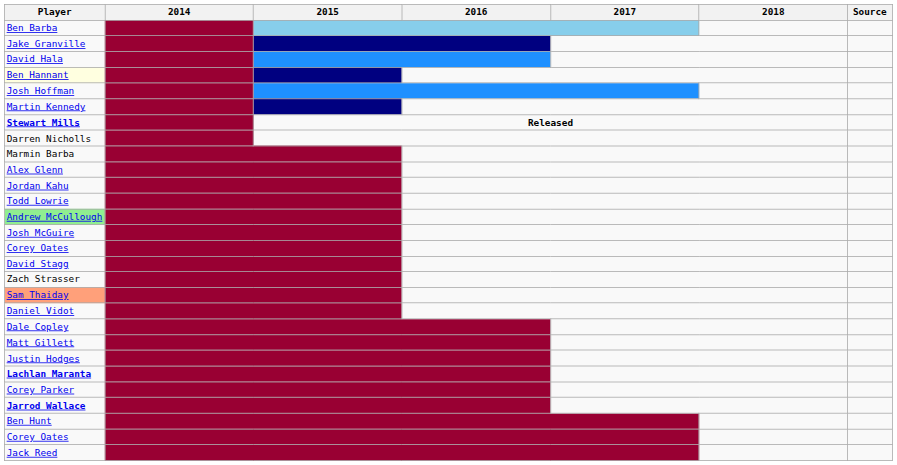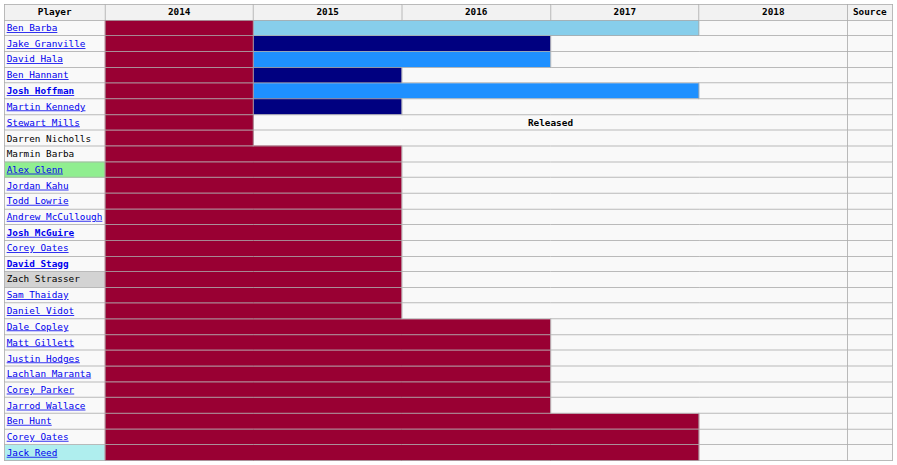 <table class="wikitable" style="font-size:90%">
 <tr>
 <th width="120">Player</th>
 <th width="180">2014</th>
 <th width="180">2015</th>
 <th width="180">2016</th>
 <th width="180">2017</th>
 <th width="180">2018</th>
 <th width="50">Source</th>
 </tr>
 <tr>
 <td><a href='#'>Ben Barba</a></td>
 <td colspan="1" style="background-color:#990033;"></td>
 <td colspan="3" style="background-color:skyblue;"></td>
 <td colspan="1"></td>
 <td></td>
 </tr>
 <tr>
 <td><a href='#'>Jake Granville</a></td>
 <td colspan="1" style="background-color:#990033;"></td>
 <td colspan="2" style="background-color:navy;"></td>
 <td colspan="2"></td>
 <td></td>
 </tr>
 <tr>
 <td><a href='#'>David Hala</a></td>
 <td colspan="1" style="background-color:#990033;"></td>
 <td colspan="2" style="background-color:dodgerblue;"></td>
 <td colspan="2"></td>
 <td></td>
 </tr>
 <tr>
-<td style="background: lightyellow;"><a href='#'>Ben Hannant</a></td>
+<td><a href='#'>Ben Hannant</a></td>
 <td colspan="1" style="background-color:#990033;"></td>
 <td colspan="1" style="background-color:navy;"></td>
 <td colspan="3"></td>
 <td></td>
 </tr>
 <tr>
-<td><a href='#'>Josh Hoffman</a></td>
+<td><strong><a href='#'>Josh Hoffman</a></strong></td>
 <td colspan="1" style="background-color:#990033;"></td>
 <td colspan="3" style="background-color:dodgerblue;"></td>
 <td colspan="1"></td>
 <td></td>
 </tr>
 <tr>
 <td><a href='#'>Martin Kennedy</a></td>
 <td colspan="1" style="background-color:#990033;"></td>
 <td colspan="1" style="background-color:navy;"></td>
 <td colspan="3"></td>
 <td></td>
 </tr>
 <tr>
-<td><strong><a href='#'>Stewart Mills</a></strong></td>
+<td><a href='#'>Stewart Mills</a></td>
 <td colspan="1" style="background-color:#990033;"></td>
 <td colspan="4" style="text-align:center;"><strong>Released</strong></td>
 <td></td>
 </tr>
 <tr>
 <td>Darren Nicholls</td>
 <td colspan="1" style="background-color:#990033;"></td>
 <td colspan="4"></td>
 <td></td>
 </tr>
 <tr>
 <td>Marmin Barba</td>
 <td colspan="2" style="background-color:#990033;"></td>
 <td colspan="3"></td>
 <td></td>
 </tr>
 <tr>
-<td><a href='#'>Alex Glenn</a></td>
+<td style="background: lightgreen;"><a href='#'>Alex Glenn</a></td>
 <td colspan="2" style="background-color:#990033;"></td>
 <td colspan="3"></td>
 <td></td>
 </tr>
 <tr>
 <td><a href='#'>Jordan Kahu</a></td>
 <td colspan="2" style="background-color:#990033;"></td>
 <td colspan="3"></td>
 <td></td>
 </tr>
 <tr>
 <td><a href='#'>Todd Lowrie</a></td>
 <td colspan="2" style="background-color:#990033;"></td>
 <td colspan="3"></td>
 <td></td>
 </tr>
 <tr>
-<td style="background: lightgreen;"><a href='#'>Andrew McCullough</a></td>
+<td><a href='#'>Andrew McCullough</a></td>
 <td colspan="2" style="background-color:#990033;"></td>
 <td colspan="3"></td>
 <td></td>
 </tr>
 <tr>
-<td><a href='#'>Josh McGuire</a></td>
+<td><strong><a href='#'>Josh McGuire</a></strong></td>
 <td colspan="2" style="background-color:#990033;"></td>
 <td colspan="3"></td>
 <td></td>
 </tr>
 <tr>
 <td><a href='#'>Corey Oates</a></td>
 <td colspan="2" style="background-color:#990033;"></td>
 <td colspan="3"></td>
 <td></td>
 </tr>
 <tr>
-<td><a href='#'>David Stagg</a></td>
+<td><strong><a href='#'>David Stagg</a></strong></td>
 <td colspan="2" style="background-color:#990033;"></td>
 <td colspan="3"></td>
 <td></td>
 </tr>
 <tr>
-<td>Zach Strasser</td>
+<td style="background: lightgrey;">Zach Strasser</td>
 <td colspan="2" style="background-color:#990033;"></td>
 <td colspan="3"></td>
 <td></td>
 </tr>
 <tr>
-<td style="background: lightsalmon;"><a href='#'>Sam Thaiday</a></td>
+<td><a href='#'>Sam Thaiday</a></td>
 <td colspan="2" style="background-color:#990033;"></td>
 <td colspan="3"></td>
 <td></td>
 </tr>
 <tr>
 <td><a href='#'>Daniel Vidot</a></td>
 <td colspan="2" style="background-color:#990033;"></td>
 <td colspan="3"></td>
 <td></td>
 </tr>
 <tr>
 <td><a href='#'>Dale Copley</a></td>
 <td colspan="3" style="background-color:#990033;"></td>
 <td colspan="2"></td>
 <td></td>
 </tr>
 <tr>
 <td><a href='#'>Matt Gillett</a></td>
 <td colspan="3" style="background-color:#990033;"></td>
 <td colspan="2"></td>
 <td></td>
 </tr>
 <tr>
 <td><a href='#'>Justin Hodges</a></td>
 <td colspan="3" style="background-color:#990033;"></td>
 <td colspan="2"></td>
 <td></td>
 </tr>
 <tr>
-<td><strong><a href='#'>Lachlan Maranta</a></strong></td>
+<td><a href='#'>Lachlan Maranta</a></td>
 <td colspan="3" style="background-color:#990033;"></td>
 <td colspan="2"></td>
 <td></td>
 </tr>
 <tr>
 <td><a href='#'>Corey Parker</a></td>
 <td colspan="3" style="background-color:#990033;"></td>
 <td colspan="2"></td>
 <td></td>
 </tr>
 <tr>
-<td><strong><a href='#'>Jarrod Wallace</a></strong></td>
+<td><a href='#'>Jarrod Wallace</a></td>
 <td colspan="3" style="background-color:#990033;"></td>
 <td colspan="2"></td>
 <td></td>
 </tr>
 <tr>
 <td><a href='#'>Ben Hunt</a></td>
 <td colspan="4" style="background-color:#990033;"></td>
 <td colspan="1"></td>
 <td></td>
 </tr>
 <tr>
 <td><a href='#'>Corey Oates</a></td>
 <td colspan="4" style="background-color:#990033;"></td>
 <td colspan="1"></td>
 <td></td>
 </tr>
 <tr>
-<td><a href='#'>Jack Reed</a></td>
+<td style="background: paleturquoise;"><a href='#'>Jack Reed</a></td>
 <td colspan="4" style="background-color:#990033;"></td>
 <td colspan="1"></td>
 <td></td>
 </tr>
 </table>
